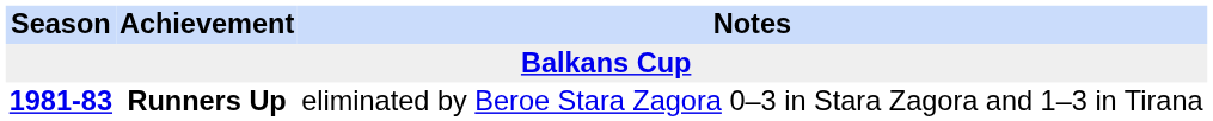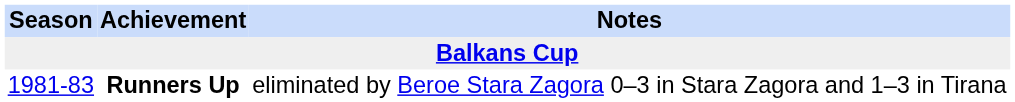 <table class="toccolours" border="0" cellpadding="2" cellspacing="0" align="left" style="margin:0.5em;">
 <tr bgcolor=#cadcfb>
 <th>Season</th>
 <th>Achievement</th>
 <th>Notes</th>
 </tr>
 <tr>
 <th colspan="4" bgcolor=#EFEFEF><a href='#'>Balkans Cup</a></th>
 </tr>
 <tr>
-<td align="center"><strong><a href='#'>1981-83</a></strong></td>
+<td align="center"><a href='#'>1981-83</a></td>
 <td align="center"><strong>Runners Up</strong></td>
 <td align="left">eliminated by  <a href='#'>Beroe Stara Zagora</a> 0–3 in Stara Zagora and 1–3 in Tirana</td>
 </tr>
 </table>
